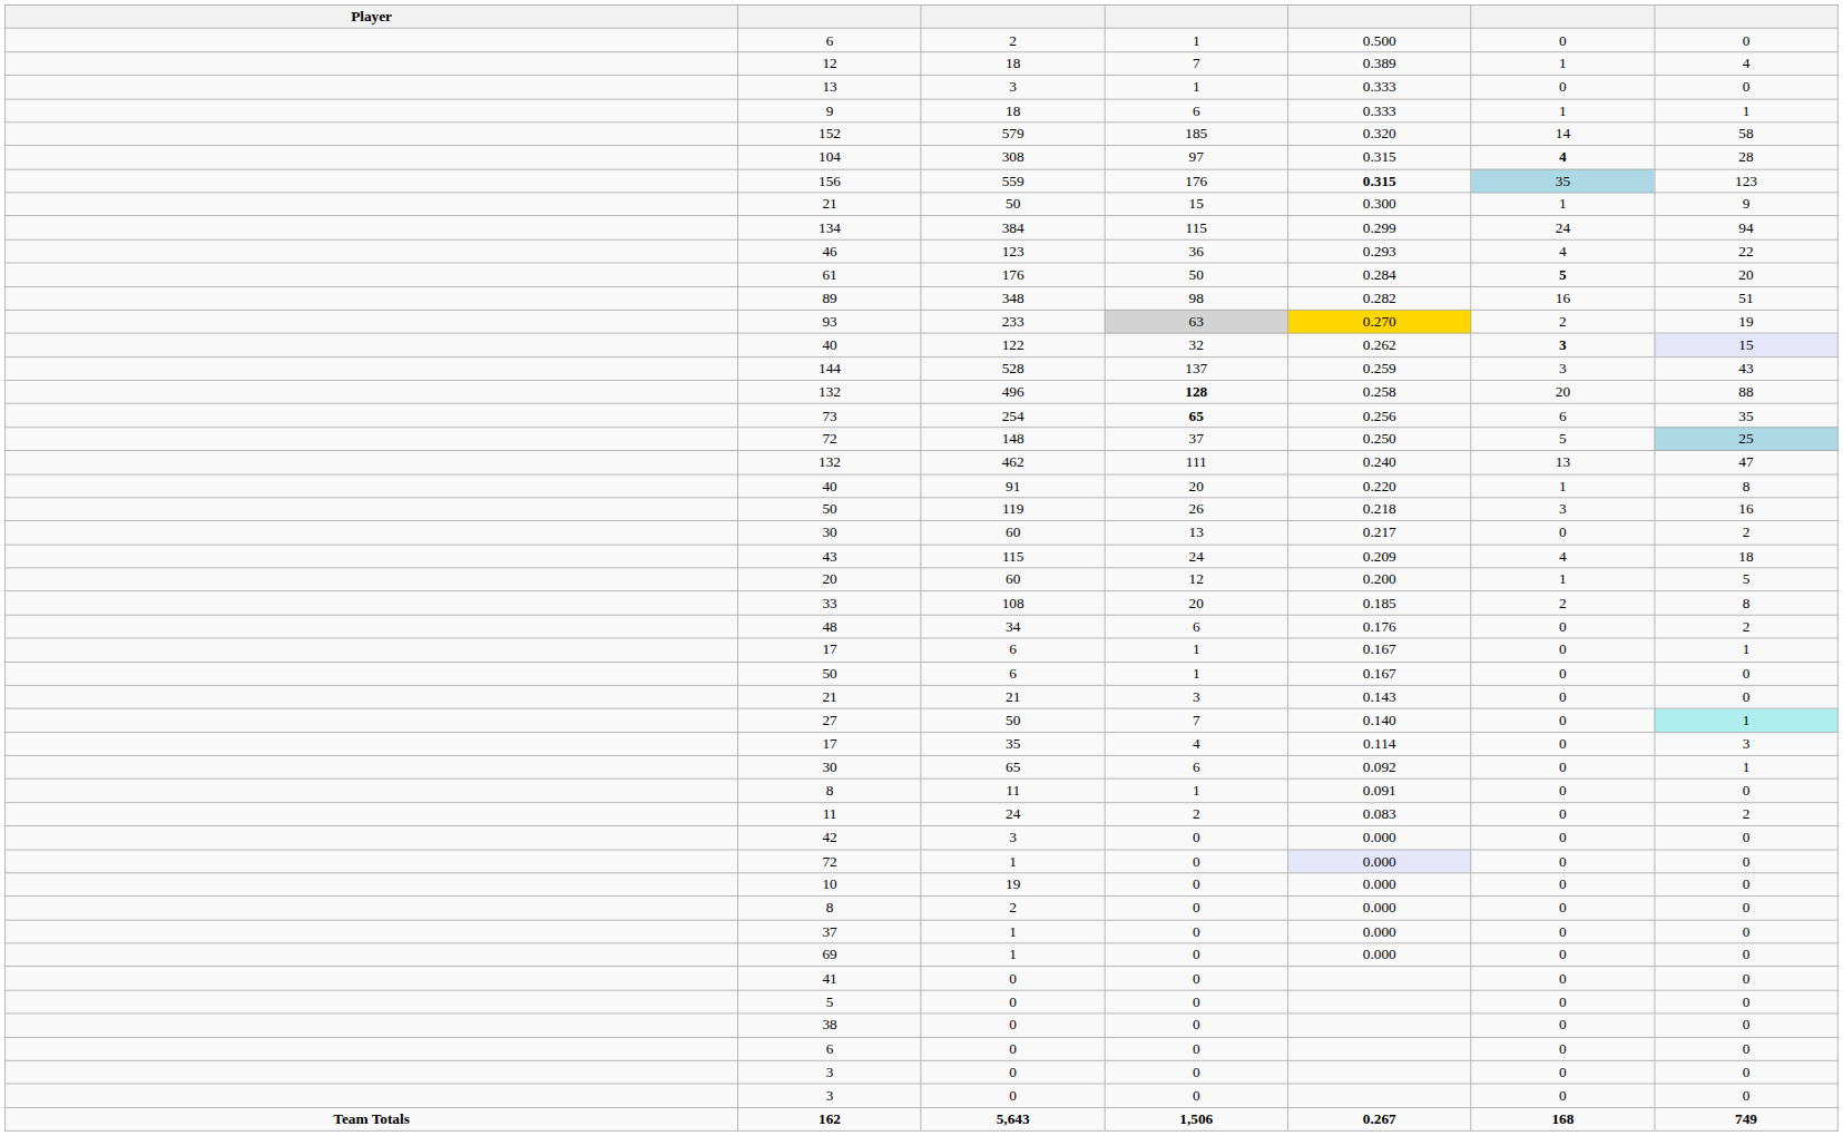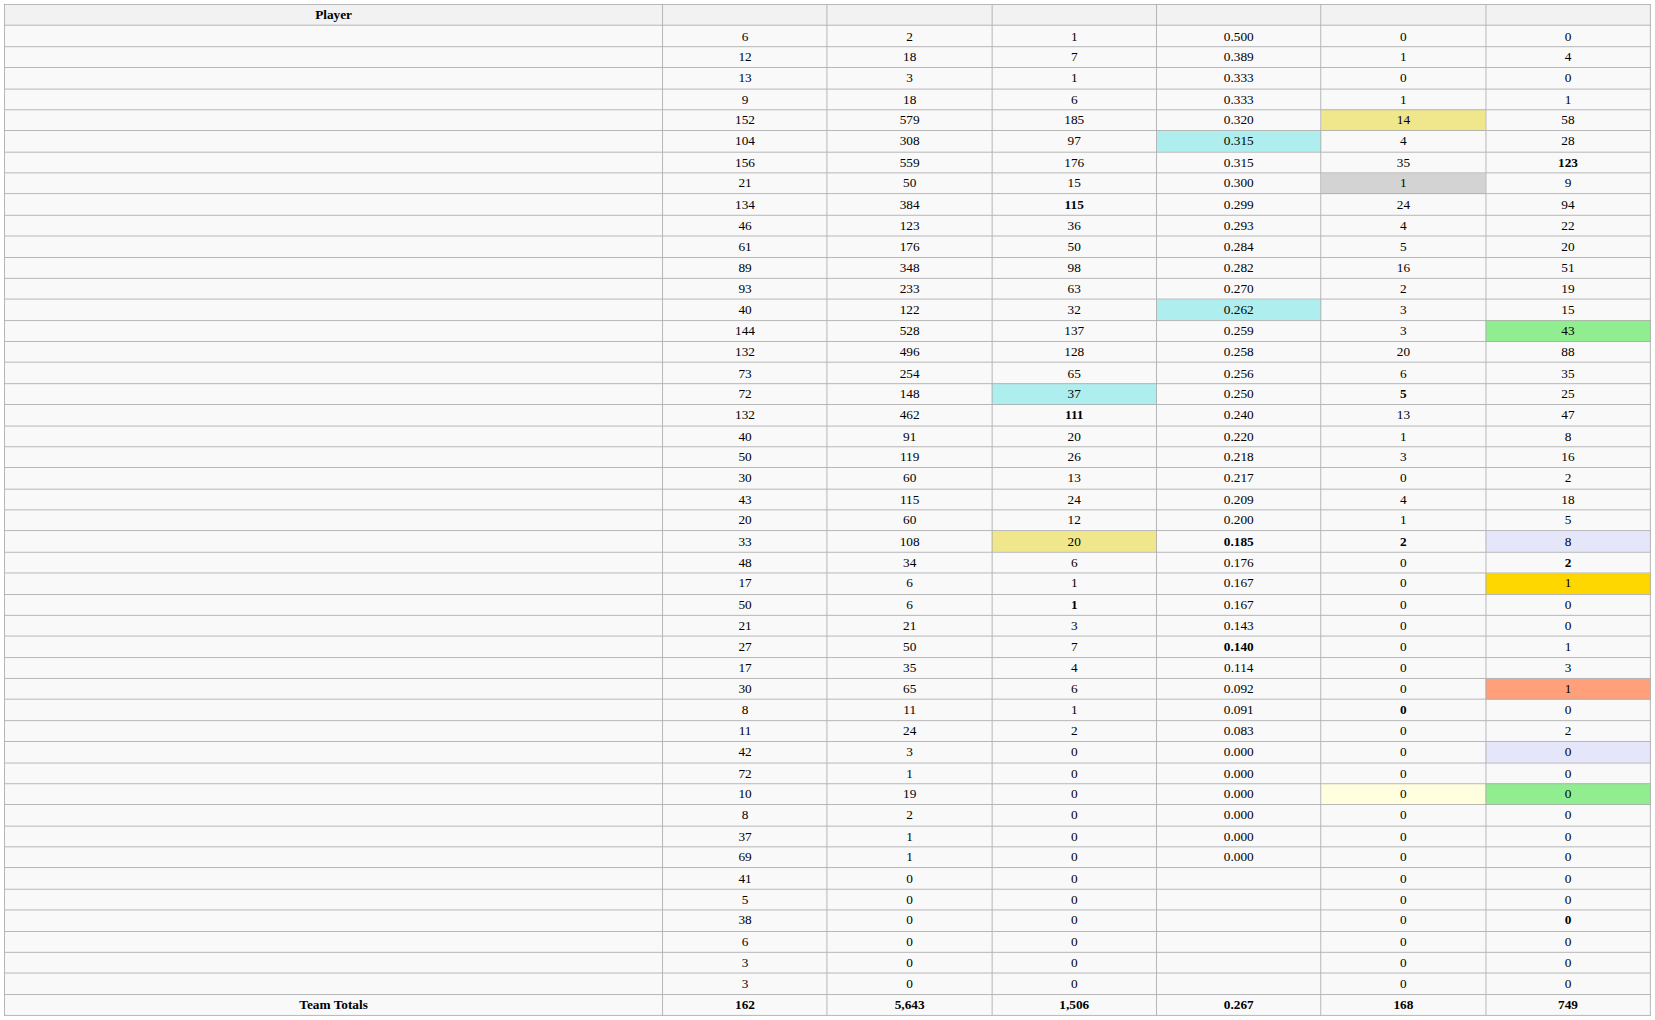 <table class="wikitable sortable" style="text-align:center;" width="100%">
 <tr>
 <th width="40%">Player</th>
 <th width="10%"></th>
 <th width="10%"></th>
 <th width="10%"></th>
 <th width="10%"></th>
 <th width="10%"></th>
 <th width="10%"></th>
 </tr>
 <tr>
 <td></td>
 <td>6</td>
 <td>2</td>
 <td>1</td>
 <td>0.500</td>
 <td>0</td>
 <td>0</td>
 </tr>
 <tr>
 <td></td>
 <td>12</td>
 <td>18</td>
 <td>7</td>
 <td>0.389</td>
 <td>1</td>
 <td>4</td>
 </tr>
 <tr>
 <td></td>
 <td>13</td>
 <td>3</td>
 <td>1</td>
 <td>0.333</td>
 <td>0</td>
 <td>0</td>
 </tr>
 <tr>
 <td></td>
 <td>9</td>
 <td>18</td>
 <td>6</td>
 <td>0.333</td>
 <td>1</td>
 <td>1</td>
 </tr>
 <tr>
 <td></td>
 <td>152</td>
 <td>579</td>
 <td>185</td>
 <td>0.320</td>
-<td>14</td>
+<td style="background: khaki;">14</td>
 <td>58</td>
 </tr>
 <tr>
 <td></td>
 <td>104</td>
 <td>308</td>
 <td>97</td>
-<td>0.315</td>
-<td><strong>4</strong></td>
+<td style="background: paleturquoise;">0.315</td>
+<td>4</td>
 <td>28</td>
 </tr>
 <tr>
 <td></td>
 <td>156</td>
 <td>559</td>
 <td>176</td>
-<td><strong>0.315</strong></td>
-<td style="background: lightblue;">35</td>
-<td>123</td>
+<td>0.315</td>
+<td>35</td>
+<td><strong>123</strong></td>
 </tr>
 <tr>
 <td></td>
 <td>21</td>
 <td>50</td>
 <td>15</td>
 <td>0.300</td>
-<td>1</td>
+<td style="background: lightgrey;">1</td>
 <td>9</td>
 </tr>
 <tr>
 <td></td>
 <td>134</td>
 <td>384</td>
-<td>115</td>
+<td><strong>115</strong></td>
 <td>0.299</td>
 <td>24</td>
 <td>94</td>
 </tr>
 <tr>
 <td></td>
 <td>46</td>
 <td>123</td>
 <td>36</td>
 <td>0.293</td>
 <td>4</td>
 <td>22</td>
 </tr>
 <tr>
 <td></td>
 <td>61</td>
 <td>176</td>
 <td>50</td>
 <td>0.284</td>
-<td><strong>5</strong></td>
+<td>5</td>
 <td>20</td>
 </tr>
 <tr>
 <td></td>
 <td>89</td>
 <td>348</td>
 <td>98</td>
 <td>0.282</td>
 <td>16</td>
 <td>51</td>
 </tr>
 <tr>
 <td></td>
 <td>93</td>
 <td>233</td>
-<td style="background: lightgrey;">63</td>
-<td style="background: gold;">0.270</td>
+<td>63</td>
+<td>0.270</td>
 <td>2</td>
 <td>19</td>
 </tr>
 <tr>
 <td></td>
 <td>40</td>
 <td>122</td>
 <td>32</td>
-<td>0.262</td>
-<td><strong>3</strong></td>
-<td style="background: lavender;">15</td>
+<td style="background: paleturquoise;">0.262</td>
+<td>3</td>
+<td>15</td>
 </tr>
 <tr>
 <td></td>
 <td>144</td>
 <td>528</td>
 <td>137</td>
 <td>0.259</td>
 <td>3</td>
-<td>43</td>
+<td style="background: lightgreen;">43</td>
 </tr>
 <tr>
 <td></td>
 <td>132</td>
 <td>496</td>
-<td><strong>128</strong></td>
+<td>128</td>
 <td>0.258</td>
 <td>20</td>
 <td>88</td>
 </tr>
 <tr>
 <td></td>
 <td>73</td>
 <td>254</td>
-<td><strong>65</strong></td>
+<td>65</td>
 <td>0.256</td>
 <td>6</td>
 <td>35</td>
 </tr>
 <tr>
 <td></td>
 <td>72</td>
 <td>148</td>
-<td>37</td>
+<td style="background: paleturquoise;">37</td>
 <td>0.250</td>
-<td>5</td>
-<td style="background: lightblue;">25</td>
+<td><strong>5</strong></td>
+<td>25</td>
 </tr>
 <tr>
 <td></td>
 <td>132</td>
 <td>462</td>
-<td>111</td>
+<td><strong>111</strong></td>
 <td>0.240</td>
 <td>13</td>
 <td>47</td>
 </tr>
 <tr>
 <td></td>
 <td>40</td>
 <td>91</td>
 <td>20</td>
 <td>0.220</td>
 <td>1</td>
 <td>8</td>
 </tr>
 <tr>
 <td></td>
 <td>50</td>
 <td>119</td>
 <td>26</td>
 <td>0.218</td>
 <td>3</td>
 <td>16</td>
 </tr>
 <tr>
 <td></td>
 <td>30</td>
 <td>60</td>
 <td>13</td>
 <td>0.217</td>
 <td>0</td>
 <td>2</td>
 </tr>
 <tr>
 <td></td>
 <td>43</td>
 <td>115</td>
 <td>24</td>
 <td>0.209</td>
 <td>4</td>
 <td>18</td>
 </tr>
 <tr>
 <td></td>
 <td>20</td>
 <td>60</td>
 <td>12</td>
 <td>0.200</td>
 <td>1</td>
 <td>5</td>
 </tr>
 <tr>
 <td></td>
 <td>33</td>
 <td>108</td>
-<td>20</td>
-<td>0.185</td>
-<td>2</td>
-<td>8</td>
+<td style="background: khaki;">20</td>
+<td><strong>0.185</strong></td>
+<td><strong>2</strong></td>
+<td style="background: lavender;">8</td>
 </tr>
 <tr>
 <td></td>
 <td>48</td>
 <td>34</td>
 <td>6</td>
 <td>0.176</td>
 <td>0</td>
-<td>2</td>
+<td><strong>2</strong></td>
 </tr>
 <tr>
 <td></td>
 <td>17</td>
 <td>6</td>
 <td>1</td>
 <td>0.167</td>
 <td>0</td>
-<td>1</td>
+<td style="background: gold;">1</td>
 </tr>
 <tr>
 <td></td>
 <td>50</td>
 <td>6</td>
-<td>1</td>
+<td><strong>1</strong></td>
 <td>0.167</td>
 <td>0</td>
 <td>0</td>
 </tr>
 <tr>
 <td></td>
 <td>21</td>
 <td>21</td>
 <td>3</td>
 <td>0.143</td>
 <td>0</td>
 <td>0</td>
 </tr>
 <tr>
 <td></td>
 <td>27</td>
 <td>50</td>
 <td>7</td>
-<td>0.140</td>
+<td><strong>0.140</strong></td>
 <td>0</td>
-<td style="background: paleturquoise;">1</td>
+<td>1</td>
 </tr>
 <tr>
 <td></td>
 <td>17</td>
 <td>35</td>
 <td>4</td>
 <td>0.114</td>
 <td>0</td>
 <td>3</td>
 </tr>
 <tr>
 <td></td>
 <td>30</td>
 <td>65</td>
 <td>6</td>
 <td>0.092</td>
 <td>0</td>
-<td>1</td>
+<td style="background: lightsalmon;">1</td>
 </tr>
 <tr>
 <td></td>
 <td>8</td>
 <td>11</td>
 <td>1</td>
 <td>0.091</td>
-<td>0</td>
+<td><strong>0</strong></td>
 <td>0</td>
 </tr>
 <tr>
 <td></td>
 <td>11</td>
 <td>24</td>
 <td>2</td>
 <td>0.083</td>
 <td>0</td>
 <td>2</td>
 </tr>
 <tr>
 <td></td>
 <td>42</td>
 <td>3</td>
 <td>0</td>
 <td>0.000</td>
 <td>0</td>
-<td>0</td>
+<td style="background: lavender;">0</td>
 </tr>
 <tr>
 <td></td>
 <td>72</td>
 <td>1</td>
 <td>0</td>
-<td style="background: lavender;">0.000</td>
+<td>0.000</td>
 <td>0</td>
 <td>0</td>
 </tr>
 <tr>
 <td></td>
 <td>10</td>
 <td>19</td>
 <td>0</td>
 <td>0.000</td>
-<td>0</td>
-<td>0</td>
+<td style="background: lightyellow;">0</td>
+<td style="background: lightgreen;">0</td>
 </tr>
 <tr>
 <td></td>
 <td>8</td>
 <td>2</td>
 <td>0</td>
 <td>0.000</td>
 <td>0</td>
 <td>0</td>
 </tr>
 <tr>
 <td></td>
 <td>37</td>
 <td>1</td>
 <td>0</td>
 <td>0.000</td>
 <td>0</td>
 <td>0</td>
 </tr>
 <tr>
 <td></td>
 <td>69</td>
 <td>1</td>
 <td>0</td>
 <td>0.000</td>
 <td>0</td>
 <td>0</td>
 </tr>
 <tr>
 <td></td>
 <td>41</td>
 <td>0</td>
 <td>0</td>
 <td></td>
 <td>0</td>
 <td>0</td>
 </tr>
 <tr>
 <td></td>
 <td>5</td>
 <td>0</td>
 <td>0</td>
 <td></td>
 <td>0</td>
 <td>0</td>
 </tr>
 <tr>
 <td></td>
 <td>38</td>
 <td>0</td>
 <td>0</td>
 <td></td>
 <td>0</td>
-<td>0</td>
+<td><strong>0</strong></td>
 </tr>
 <tr>
 <td></td>
 <td>6</td>
 <td>0</td>
 <td>0</td>
 <td></td>
 <td>0</td>
 <td>0</td>
 </tr>
 <tr>
 <td></td>
 <td>3</td>
 <td>0</td>
 <td>0</td>
 <td></td>
 <td>0</td>
 <td>0</td>
 </tr>
 <tr>
 <td></td>
 <td>3</td>
 <td>0</td>
 <td>0</td>
 <td></td>
 <td>0</td>
 <td>0</td>
 </tr>
 <tr>
 <td><strong>Team Totals</strong></td>
 <td><strong>162</strong></td>
 <td><strong>5,643</strong></td>
 <td><strong>1,506</strong></td>
 <td><strong>0.267</strong></td>
 <td><strong>168</strong></td>
 <td><strong>749</strong></td>
 </tr>
 </table>
